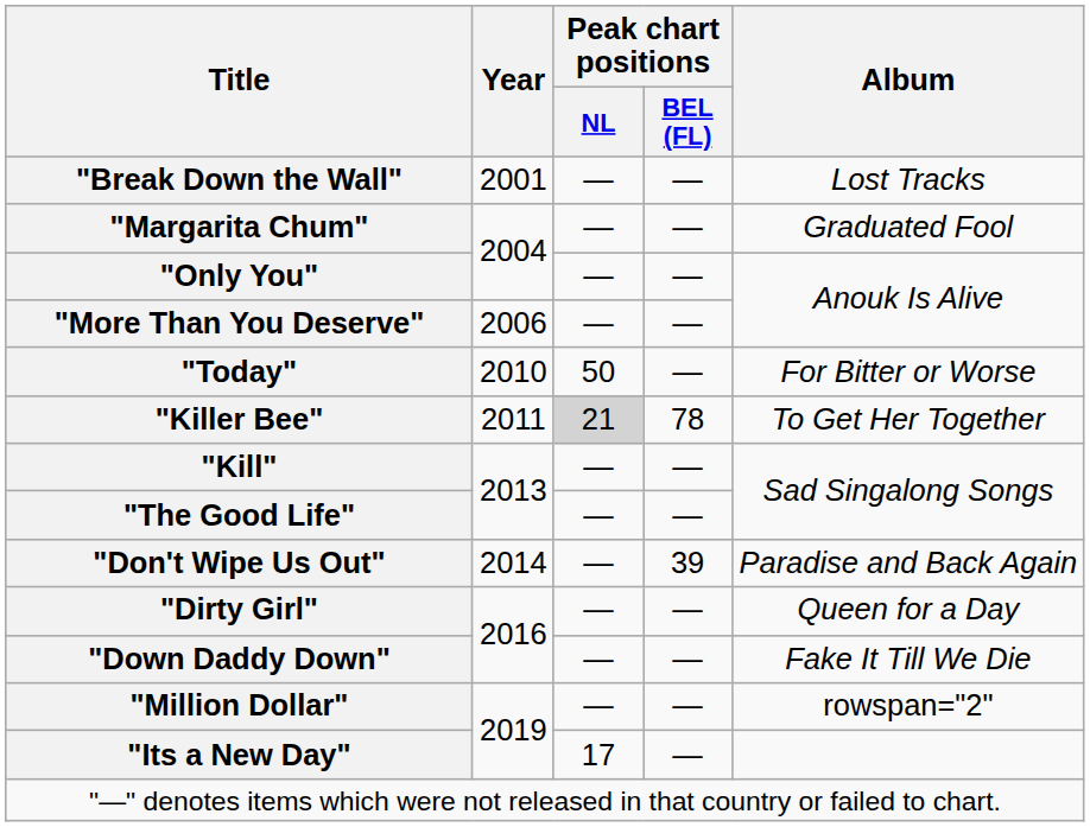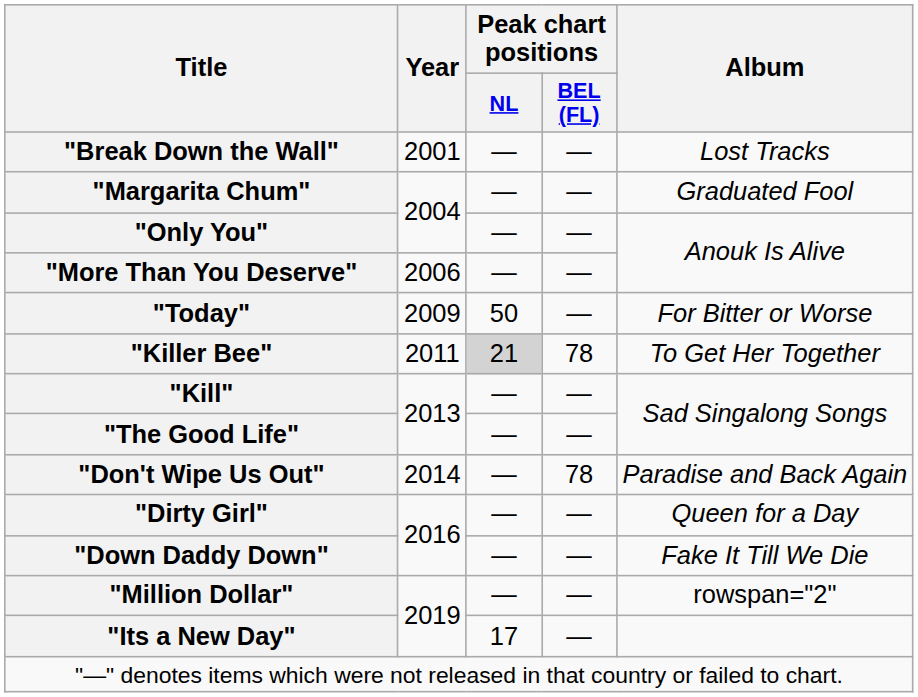 <table class="wikitable plainrowheaders" style="text-align:center;">
 <tr>
 <th scope="col" rowspan="2" style="width:15em;">Title</th>
 <th scope="col" rowspan="2" style="width:1em;">Year</th>
 <th scope="col" colspan="2">Peak chart positions</th>
 <th scope="col" rowspan="2">Album</th>
 </tr>
 <tr>
 <th scope="col" style="width:3em;font-size:85%;"><a href='#'>NL</a><br></th>
 <th scope="col" style="width:3em;font-size:85%;"><a href='#'>BEL<br>(FL)</a><br></th>
 </tr>
 <tr>
 <th scope="row">"Break Down the Wall"</th>
 <td>2001</td>
 <td>—</td>
 <td>—</td>
 <td><em>Lost Tracks</em></td>
 </tr>
 <tr>
 <th scope="row">"Margarita Chum"</th>
 <td rowspan="2">2004</td>
 <td>—</td>
 <td>—</td>
 <td><em>Graduated Fool</em></td>
 </tr>
 <tr>
 <th scope="row">"Only You"</th>
 <td>—</td>
 <td>—</td>
 <td rowspan="2"><em>Anouk Is Alive</em></td>
 </tr>
 <tr>
 <th scope="row">"More Than You Deserve"</th>
 <td>2006</td>
 <td>—</td>
 <td>—</td>
 </tr>
 <tr>
 <th scope="row">"Today"</th>
-<td>2010</td>
+<td>2009</td>
 <td>50</td>
 <td>—</td>
 <td><em>For Bitter or Worse</em></td>
 </tr>
 <tr>
 <th scope="row">"Killer Bee"</th>
 <td>2011</td>
 <td style="background: lightgrey;">21</td>
 <td>78</td>
 <td><em>To Get Her Together</em></td>
 </tr>
 <tr>
 <th scope="row">"Kill"</th>
 <td rowspan="2">2013</td>
 <td>—</td>
 <td>—</td>
 <td rowspan="2"><em>Sad Singalong Songs</em></td>
 </tr>
 <tr>
 <th scope="row">"The Good Life"</th>
 <td>—</td>
 <td>—</td>
 </tr>
 <tr>
 <th scope="row">"Don't Wipe Us Out"</th>
 <td>2014</td>
 <td>—</td>
-<td>39</td>
+<td>78</td>
 <td><em>Paradise and Back Again</em></td>
 </tr>
 <tr>
 <th scope="row">"Dirty Girl"</th>
 <td rowspan="2">2016</td>
 <td>—</td>
 <td>—</td>
 <td><em>Queen for a Day</em></td>
 </tr>
 <tr>
 <th scope="row">"Down Daddy Down"</th>
 <td>—</td>
 <td>—</td>
 <td><em>Fake It Till We Die</em></td>
 </tr>
 <tr>
 <th scope="row">"Million Dollar"</th>
 <td rowspan="2">2019</td>
 <td>—</td>
 <td>—</td>
 <td>rowspan="2" </td>
 </tr>
 <tr>
 <th scope="row">"Its a New Day"</th>
 <td>17</td>
 <td>—</td>
 </tr>
 <tr>
 <td colspan="14" style="font-size:90%">"—" denotes items which were not released in that country or failed to chart.</td>
 </tr>
 </table>
